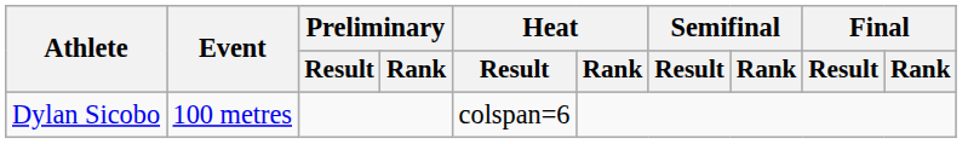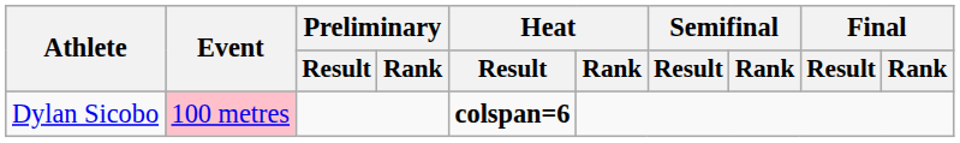 <table class="wikitable" style="font-size:90%">
 <tr>
 <th rowspan="2">Athlete</th>
 <th rowspan="2">Event</th>
 <th colspan="2">Preliminary</th>
 <th colspan="2">Heat</th>
 <th colspan="2">Semifinal</th>
 <th colspan="2">Final</th>
 </tr>
 <tr style="font-size:95%">
 <th>Result</th>
 <th>Rank</th>
 <th>Result</th>
 <th>Rank</th>
 <th>Result</th>
 <th>Rank</th>
 <th>Result</th>
 <th>Rank</th>
 </tr>
 <tr align=center>
 <td align=left><a href='#'>Dylan Sicobo</a></td>
-<td align=left><a href='#'>100 metres</a></td>
+<td align=left style="background: pink;"><a href='#'>100 metres</a></td>
 <td colspan=2></td>
-<td>colspan=6 </td>
+<td><strong>colspan=6 </strong></td>
 </tr>
 </table>
